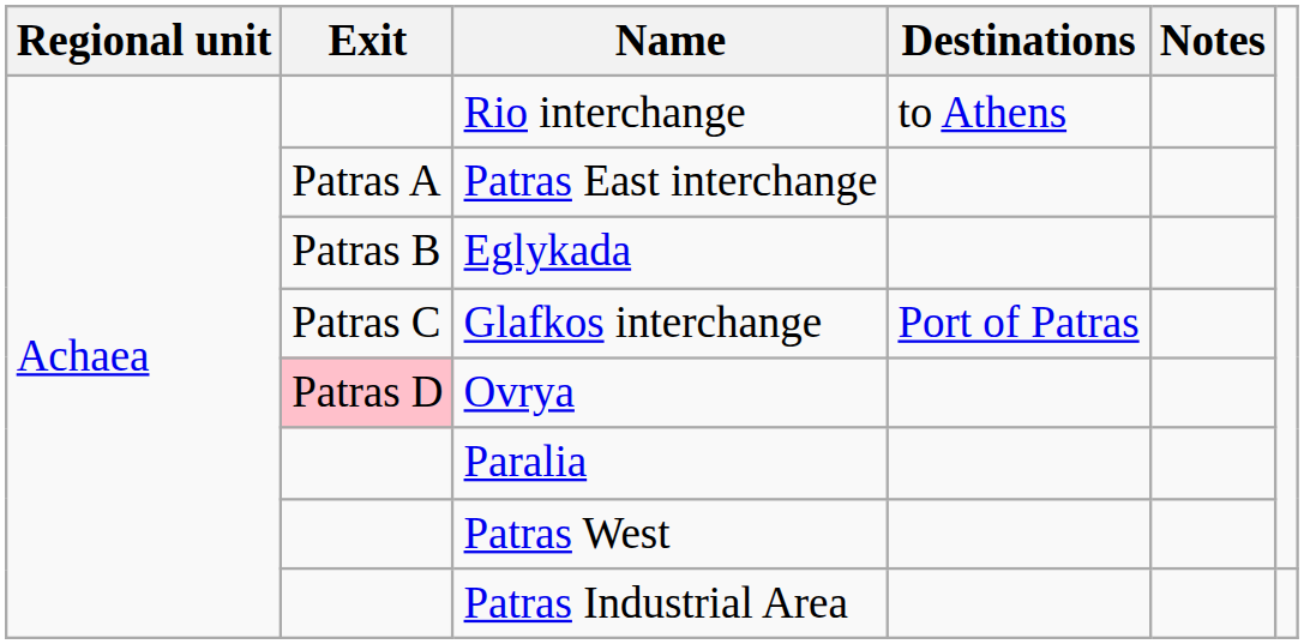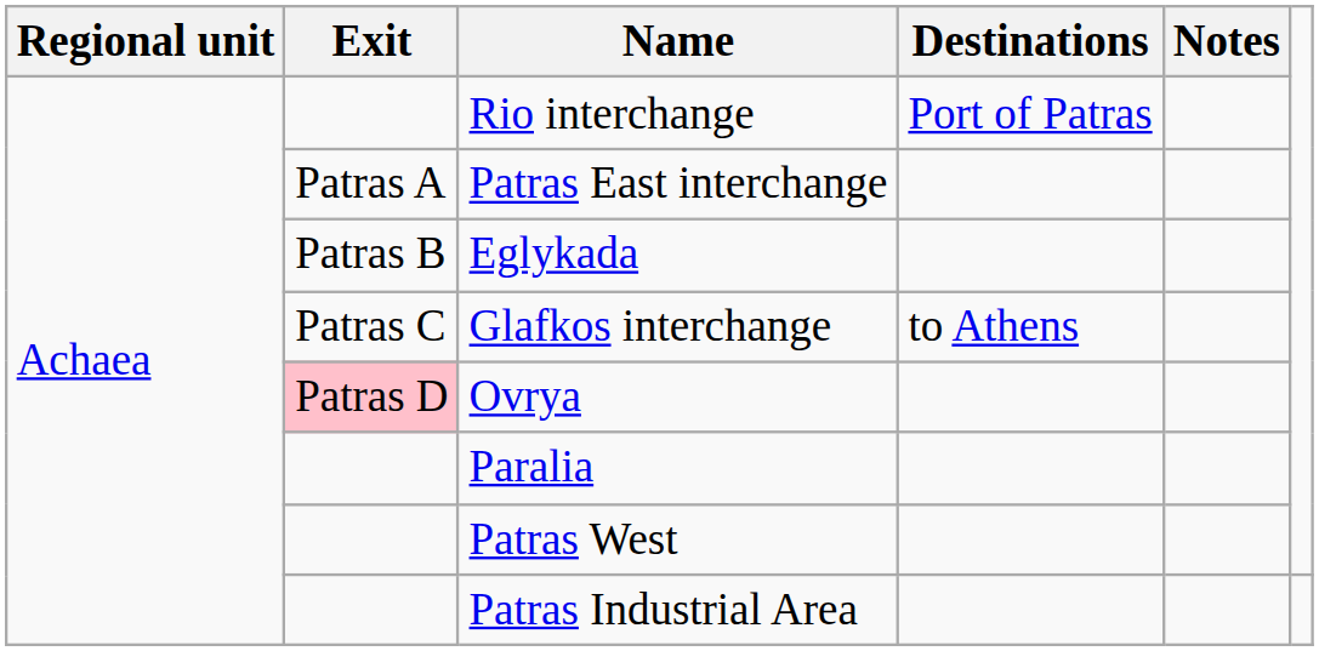 <table class="wikitable">
 <tr>
 <th scope="col">Regional unit</th>
 <th scope="col">Exit</th>
 <th scope="col">Name</th>
 <th scope="col">Destinations</th>
 <th scope="col">Notes</th>
 </tr>
 <tr>
 <td rowspan=10><a href='#'>Achaea</a></td>
 <td></td>
 <td><a href='#'>Rio</a> interchange</td>
-<td> to <a href='#'>Athens</a></td>
+<td><a href='#'>Port of Patras</a></td>
 <td></td>
 </tr>
 <tr>
 <td>Patras A</td>
 <td><a href='#'>Patras</a> East interchange</td>
 <td></td>
 <td></td>
 </tr>
 <tr>
 <td>Patras B</td>
 <td><a href='#'>Eglykada</a></td>
 <td></td>
 <td></td>
 </tr>
 <tr>
 <td>Patras C</td>
 <td><a href='#'>Glafkos</a> interchange</td>
-<td><a href='#'>Port of Patras</a></td>
+<td> to <a href='#'>Athens</a></td>
 <td></td>
 </tr>
 <tr>
 <td style="background: pink;">Patras D</td>
 <td><a href='#'>Ovrya</a></td>
 <td></td>
 <td></td>
 </tr>
 <tr>
 <td></td>
 <td><a href='#'>Paralia</a></td>
 <td></td>
 <td></td>
 </tr>
 <tr>
 <td></td>
 <td><a href='#'>Patras</a> West</td>
 <td></td>
 <td></td>
 </tr>
 <tr>
 <td></td>
 <td><a href='#'>Patras</a> Industrial Area</td>
 <td></td>
 <td></td>
 <td></td>
 </tr>
 </table>
